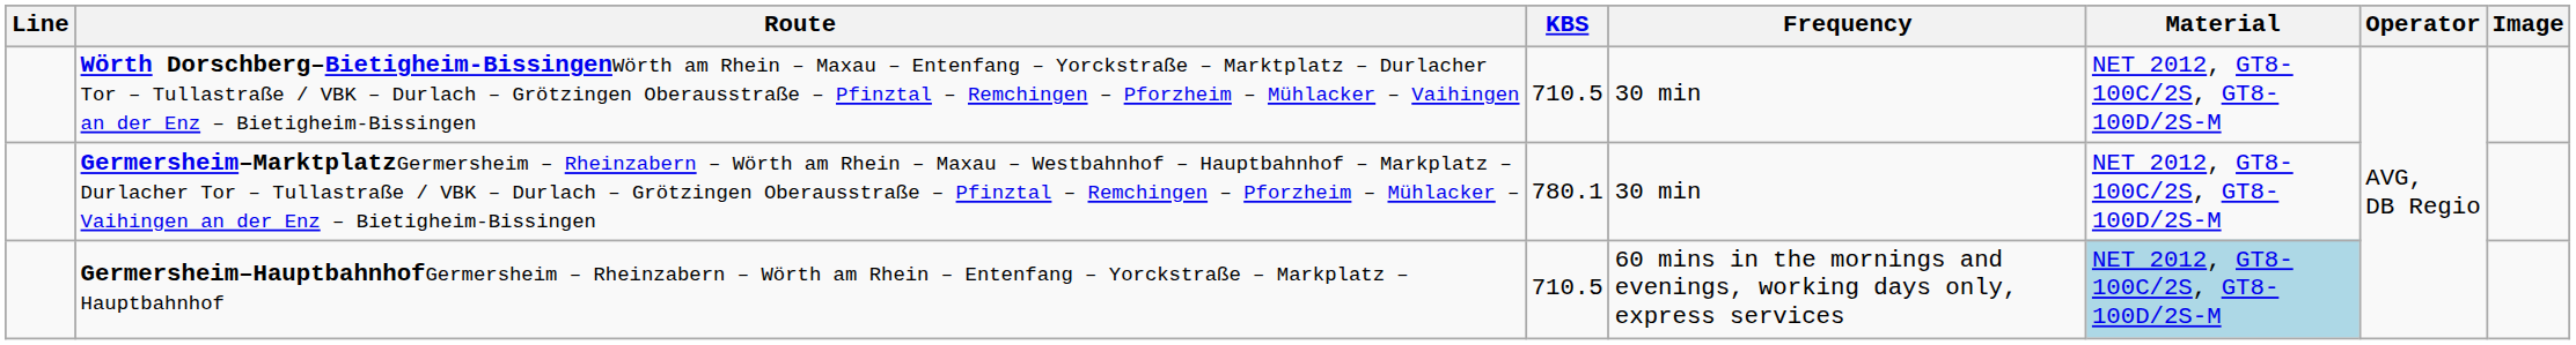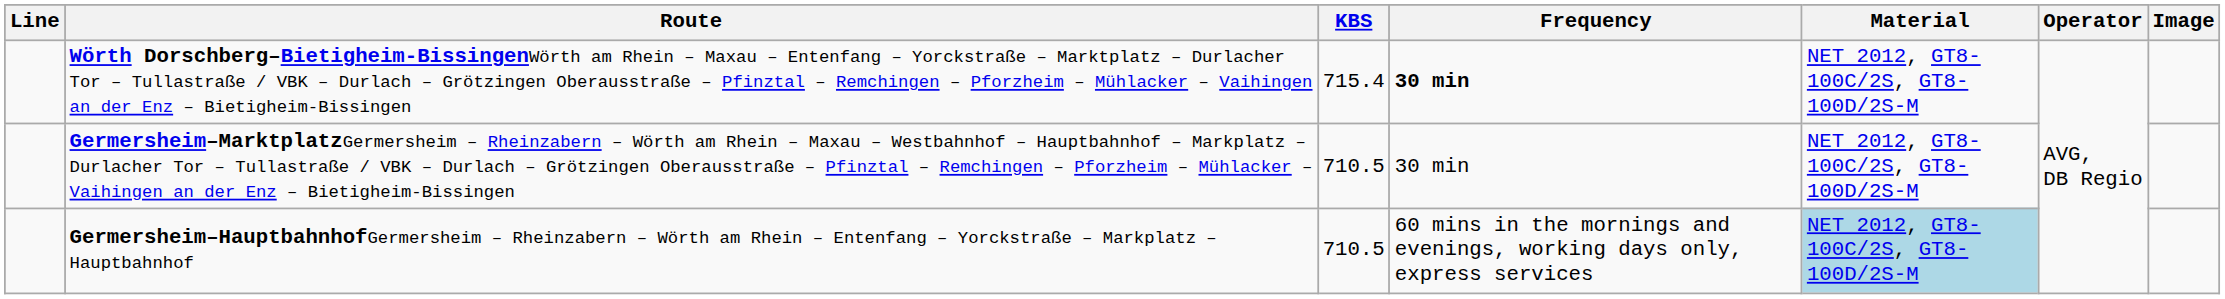 <table class="wikitable centered" style="font-size: 90%">
 <tr>
 <th><strong>Line</strong></th>
 <th><strong>Route</strong></th>
 <th><a href='#'><strong>KBS</strong></a></th>
 <th><strong>Frequency</strong></th>
 <th><strong>Material</strong></th>
 <th><strong>Operator</strong></th>
 <th><strong>Image</strong></th>
 </tr>
 <tr>
 <td></td>
 <td><strong><a href='#'>Wörth</a> Dorschberg–<a href='#'>Bietigheim-Bissingen</a></strong><small>Wörth am Rhein – Maxau – Entenfang – Yorckstraße – Marktplatz – Durlacher Tor – Tullastraße / VBK – Durlach – Grötzingen Oberausstraße – <a href='#'>Pfinztal</a> – <a href='#'>Remchingen</a> – <a href='#'>Pforzheim</a> – <a href='#'>Mühlacker</a> – <a href='#'>Vaihingen an der Enz</a> – Bietigheim-Bissingen</small></td>
-<td style="text-align:center;">710.5</td>
-<td>30 min</td>
+<td style="text-align:center;">715.4</td>
+<td><strong>30 min</strong></td>
 <td><a href='#'>NET 2012</a>, <a href='#'>GT8-100C/2S</a>, <a href='#'>GT8-100D/2S-M</a></td>
 <td rowspan="3">AVG,<br>DB Regio</td>
 <td></td>
 </tr>
 <tr>
 <td></td>
 <td><strong><a href='#'>Germersheim</a>–Marktplatz</strong><small>Germersheim – <a href='#'>Rheinzabern</a> – Wörth am Rhein – Maxau – Westbahnhof – Hauptbahnhof – Markplatz – Durlacher Tor – Tullastraße / VBK – Durlach – Grötzingen Oberausstraße – <a href='#'>Pfinztal</a> – <a href='#'>Remchingen</a> – <a href='#'>Pforzheim</a> – <a href='#'>Mühlacker</a> – <a href='#'>Vaihingen an der Enz</a> – Bietigheim-Bissingen</small></td>
-<td>780.1</td>
+<td>710.5</td>
 <td>30 min</td>
 <td><a href='#'>NET 2012</a>, <a href='#'>GT8-100C/2S</a>, <a href='#'>GT8-100D/2S-M</a></td>
 <td></td>
 </tr>
 <tr>
 <td></td>
 <td><strong>Germersheim–Hauptbahnhof</strong><small>Germersheim – Rheinzabern – Wörth am Rhein – Entenfang – Yorckstraße – Markplatz – Hauptbahnhof</small></td>
 <td>710.5</td>
 <td>60 mins in the mornings and evenings, working days only, express services</td>
 <td style="background: lightblue;"><a href='#'>NET 2012</a>, <a href='#'>GT8-100C/2S</a>, <a href='#'>GT8-100D/2S-M</a></td>
 <td></td>
 </tr>
 </table>
